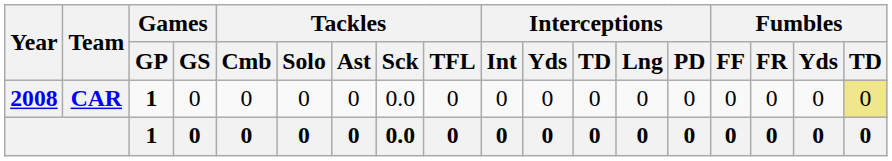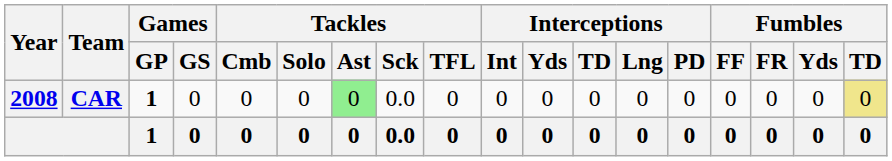 <table class="wikitable" style="text-align:center">
 <tr>
 <th rowspan="2">Year</th>
 <th rowspan="2">Team</th>
 <th colspan="2">Games</th>
 <th colspan="5">Tackles</th>
 <th colspan="5">Interceptions</th>
 <th colspan="4">Fumbles</th>
 </tr>
 <tr>
 <th>GP</th>
 <th>GS</th>
 <th>Cmb</th>
 <th>Solo</th>
 <th>Ast</th>
 <th>Sck</th>
 <th>TFL</th>
 <th>Int</th>
 <th>Yds</th>
 <th>TD</th>
 <th>Lng</th>
 <th>PD</th>
 <th>FF</th>
 <th>FR</th>
 <th>Yds</th>
 <th>TD</th>
 </tr>
 <tr>
 <th><a href='#'>2008</a></th>
 <th><a href='#'>CAR</a></th>
 <td><strong>1</strong></td>
 <td>0</td>
 <td>0</td>
 <td>0</td>
-<td>0</td>
+<td style="background: lightgreen;">0</td>
 <td>0.0</td>
 <td>0</td>
 <td>0</td>
 <td>0</td>
 <td>0</td>
 <td>0</td>
 <td>0</td>
 <td>0</td>
 <td>0</td>
 <td>0</td>
 <td style="background: khaki;">0</td>
 </tr>
 <tr>
 <th colspan="2"></th>
 <th>1</th>
 <th>0</th>
 <th>0</th>
 <th>0</th>
 <th>0</th>
 <th>0.0</th>
 <th>0</th>
 <th>0</th>
 <th>0</th>
 <th>0</th>
 <th>0</th>
 <th>0</th>
 <th>0</th>
 <th>0</th>
 <th>0</th>
 <th>0</th>
 </tr>
 </table>
